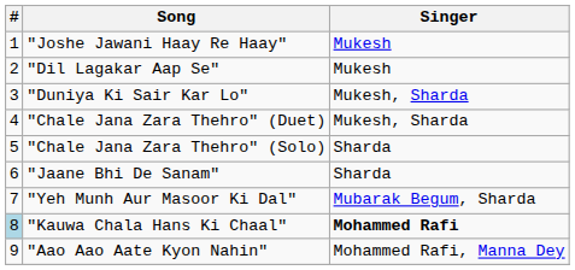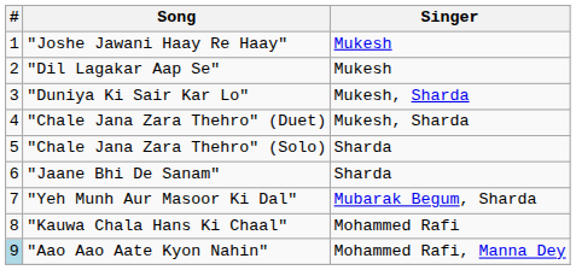 <table class="wikitable" style="font-size:95%;">
 <tr>
 <th>#</th>
 <th>Song</th>
 <th>Singer</th>
 </tr>
 <tr>
 <td>1</td>
 <td>"Joshe Jawani Haay Re Haay"</td>
 <td><a href='#'>Mukesh</a></td>
 </tr>
 <tr>
 <td>2</td>
 <td>"Dil Lagakar Aap Se"</td>
 <td>Mukesh</td>
 </tr>
 <tr>
 <td>3</td>
 <td>"Duniya Ki Sair Kar Lo"</td>
 <td>Mukesh, <a href='#'>Sharda</a></td>
 </tr>
 <tr>
 <td>4</td>
 <td>"Chale Jana Zara Thehro" (Duet)</td>
 <td>Mukesh, Sharda</td>
 </tr>
 <tr>
 <td>5</td>
 <td>"Chale Jana Zara Thehro" (Solo)</td>
 <td>Sharda</td>
 </tr>
 <tr>
 <td>6</td>
 <td>"Jaane Bhi De Sanam"</td>
 <td>Sharda</td>
 </tr>
 <tr>
 <td>7</td>
 <td>"Yeh Munh Aur Masoor Ki Dal"</td>
 <td><a href='#'>Mubarak Begum</a>, Sharda</td>
 </tr>
 <tr>
-<td style="background: lightblue;">8</td>
+<td>8</td>
 <td>"Kauwa Chala Hans Ki Chaal"</td>
-<td><strong>Mohammed Rafi</strong></td>
+<td>Mohammed Rafi</td>
 </tr>
 <tr>
-<td>9</td>
+<td style="background: lightblue;">9</td>
 <td>"Aao Aao Aate Kyon Nahin"</td>
 <td>Mohammed Rafi, <a href='#'>Manna Dey</a></td>
 </tr>
 <tr>
 </tr>
 </table>
